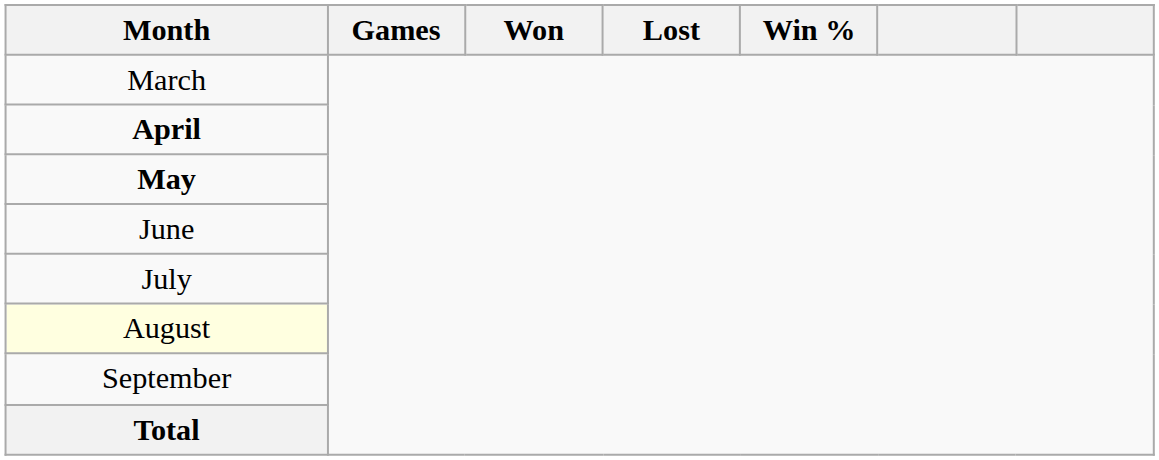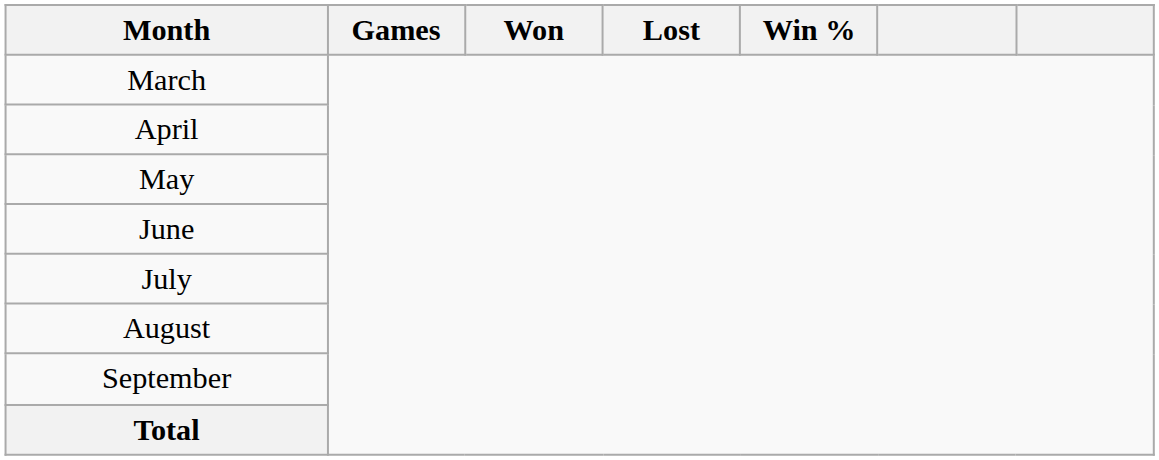 <table class="wikitable" style="margin:1em auto; font-size:95%; text-align:center; width:38em;">
 <tr>
 <th width="28%">Month</th>
 <th width="12%">Games</th>
 <th width="12%">Won</th>
 <th width="12%">Lost</th>
 <th width="12%">Win %</th>
 <th width="12%"></th>
 <th width="12%"></th>
 </tr>
 <tr>
 <td>March</td>
 </tr>
 <tr>
-<td><strong>April</strong></td>
+<td>April</td>
 </tr>
 <tr>
-<td><strong>May</strong></td>
+<td>May</td>
 </tr>
 <tr>
 <td>June</td>
 </tr>
 <tr>
 <td>July</td>
 </tr>
 <tr>
-<td style="background: lightyellow;">August</td>
+<td>August</td>
 </tr>
 <tr>
 <td>September</td>
 </tr>
 <tr>
 <th>Total</th>
 </tr>
 </table>
